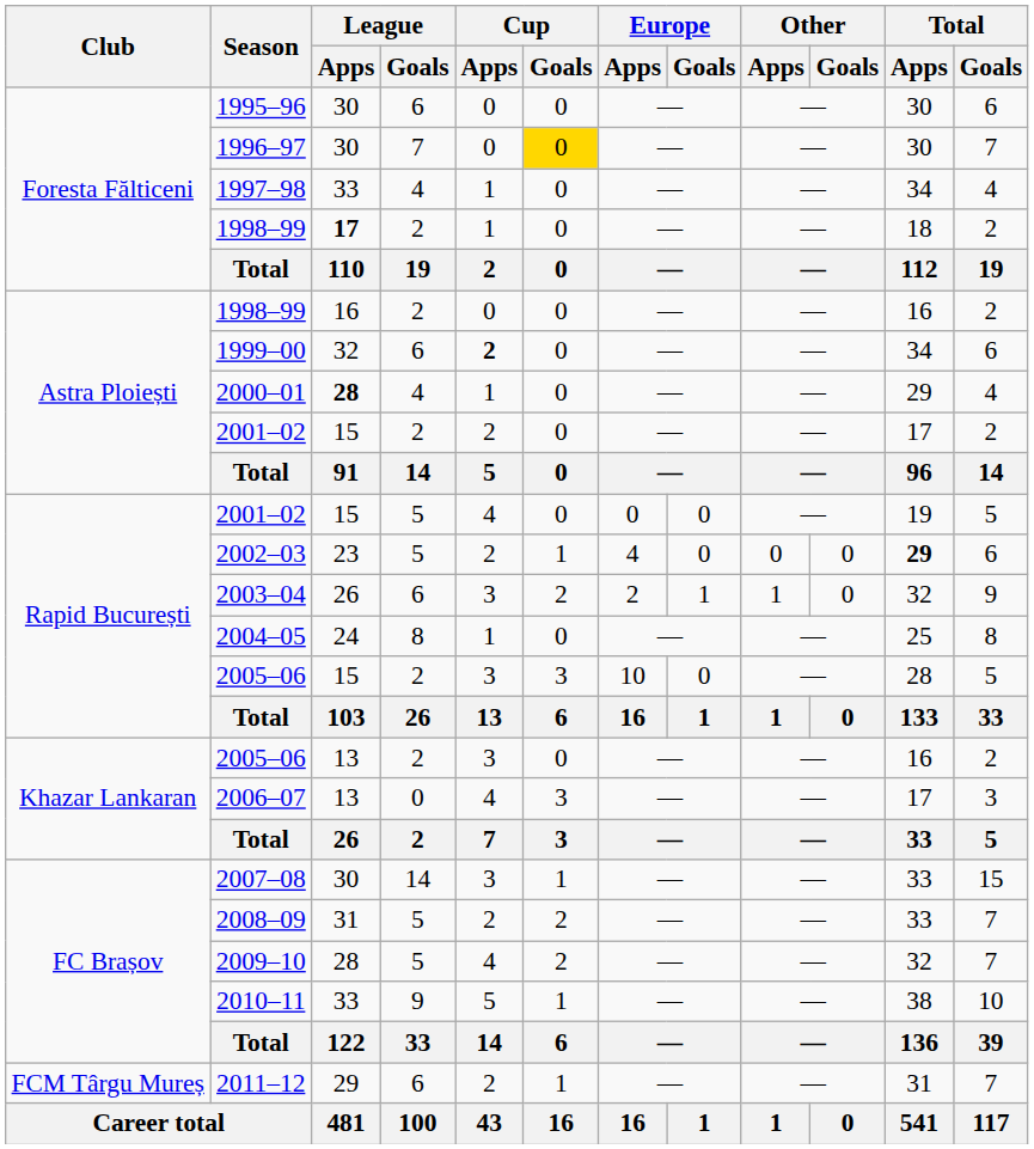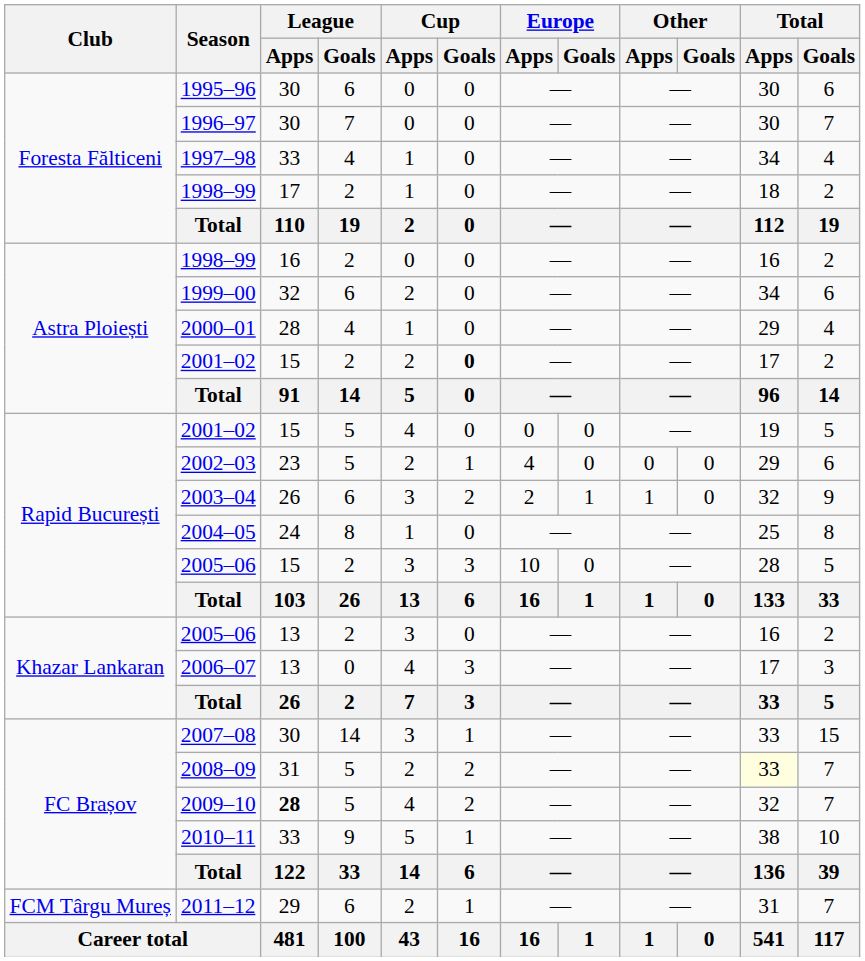 <table class="wikitable" style="text-align: center;">
 <tr>
 <th rowspan="2">Club</th>
 <th rowspan="2">Season</th>
 <th colspan="2">League</th>
 <th colspan="2">Cup</th>
 <th colspan="2"><a href='#'>Europe</a></th>
 <th colspan="2">Other</th>
 <th colspan="2">Total</th>
 </tr>
 <tr>
 <th>Apps</th>
 <th>Goals</th>
 <th>Apps</th>
 <th>Goals</th>
 <th>Apps</th>
 <th>Goals</th>
 <th>Apps</th>
 <th>Goals</th>
 <th>Apps</th>
 <th>Goals</th>
 </tr>
 <tr>
 <td rowspan="5"><a href='#'>Foresta Fălticeni</a></td>
 <td><a href='#'>1995–96</a></td>
 <td>30</td>
 <td>6</td>
 <td>0</td>
 <td>0</td>
 <td colspan="2">—</td>
 <td colspan="2">—</td>
 <td>30</td>
 <td>6</td>
 </tr>
 <tr>
 <td><a href='#'>1996–97</a></td>
 <td>30</td>
 <td>7</td>
 <td>0</td>
-<td style="background: gold;">0</td>
+<td>0</td>
 <td colspan="2">—</td>
 <td colspan="2">—</td>
 <td>30</td>
 <td>7</td>
 </tr>
 <tr>
 <td><a href='#'>1997–98</a></td>
 <td>33</td>
 <td>4</td>
 <td>1</td>
 <td>0</td>
 <td colspan="2">—</td>
 <td colspan="2">—</td>
 <td>34</td>
 <td>4</td>
 </tr>
 <tr>
 <td><a href='#'>1998–99</a></td>
-<td><strong>17</strong></td>
+<td>17</td>
 <td>2</td>
 <td>1</td>
 <td>0</td>
 <td colspan="2">—</td>
 <td colspan="2">—</td>
 <td>18</td>
 <td>2</td>
 </tr>
 <tr>
 <th>Total</th>
 <th>110</th>
 <th>19</th>
 <th>2</th>
 <th>0</th>
 <th colspan="2">—</th>
 <th colspan="2">—</th>
 <th>112</th>
 <th>19</th>
 </tr>
 <tr>
 <td rowspan="5"><a href='#'>Astra Ploiești</a></td>
 <td><a href='#'>1998–99</a></td>
 <td>16</td>
 <td>2</td>
 <td>0</td>
 <td>0</td>
 <td colspan="2">—</td>
 <td colspan="2">—</td>
 <td>16</td>
 <td>2</td>
 </tr>
 <tr>
 <td><a href='#'>1999–00</a></td>
 <td>32</td>
 <td>6</td>
-<td><strong>2</strong></td>
+<td>2</td>
 <td>0</td>
 <td colspan="2">—</td>
 <td colspan="2">—</td>
 <td>34</td>
 <td>6</td>
 </tr>
 <tr>
 <td><a href='#'>2000–01</a></td>
-<td><strong>28</strong></td>
+<td>28</td>
 <td>4</td>
 <td>1</td>
 <td>0</td>
 <td colspan="2">—</td>
 <td colspan="2">—</td>
 <td>29</td>
 <td>4</td>
 </tr>
 <tr>
 <td><a href='#'>2001–02</a></td>
 <td>15</td>
 <td>2</td>
 <td>2</td>
-<td>0</td>
+<td><strong>0</strong></td>
 <td colspan="2">—</td>
 <td colspan="2">—</td>
 <td>17</td>
 <td>2</td>
 </tr>
 <tr>
 <th>Total</th>
 <th>91</th>
 <th>14</th>
 <th>5</th>
 <th>0</th>
 <th colspan="2">—</th>
 <th colspan="2">—</th>
 <th>96</th>
 <th>14</th>
 </tr>
 <tr>
 <td rowspan="6"><a href='#'>Rapid București</a></td>
 <td><a href='#'>2001–02</a></td>
 <td>15</td>
 <td>5</td>
 <td>4</td>
 <td>0</td>
 <td>0</td>
 <td>0</td>
 <td colspan="2">—</td>
 <td>19</td>
 <td>5</td>
 </tr>
 <tr>
 <td><a href='#'>2002–03</a></td>
 <td>23</td>
 <td>5</td>
 <td>2</td>
 <td>1</td>
 <td>4</td>
 <td>0</td>
 <td>0</td>
 <td>0</td>
-<td><strong>29</strong></td>
+<td>29</td>
 <td>6</td>
 </tr>
 <tr>
 <td><a href='#'>2003–04</a></td>
 <td>26</td>
 <td>6</td>
 <td>3</td>
 <td>2</td>
 <td>2</td>
 <td>1</td>
 <td>1</td>
 <td>0</td>
 <td>32</td>
 <td>9</td>
 </tr>
 <tr>
 <td><a href='#'>2004–05</a></td>
 <td>24</td>
 <td>8</td>
 <td>1</td>
 <td>0</td>
 <td colspan="2">—</td>
 <td colspan="2">—</td>
 <td>25</td>
 <td>8</td>
 </tr>
 <tr>
 <td><a href='#'>2005–06</a></td>
 <td>15</td>
 <td>2</td>
 <td>3</td>
 <td>3</td>
 <td>10</td>
 <td>0</td>
 <td colspan="2">—</td>
 <td>28</td>
 <td>5</td>
 </tr>
 <tr>
 <th>Total</th>
 <th>103</th>
 <th>26</th>
 <th>13</th>
 <th>6</th>
 <th>16</th>
 <th>1</th>
 <th>1</th>
 <th>0</th>
 <th>133</th>
 <th>33</th>
 </tr>
 <tr>
 <td rowspan="3"><a href='#'>Khazar Lankaran</a></td>
 <td><a href='#'>2005–06</a></td>
 <td>13</td>
 <td>2</td>
 <td>3</td>
 <td>0</td>
 <td colspan="2">—</td>
 <td colspan="2">—</td>
 <td>16</td>
 <td>2</td>
 </tr>
 <tr>
 <td><a href='#'>2006–07</a></td>
 <td>13</td>
 <td>0</td>
 <td>4</td>
 <td>3</td>
 <td colspan="2">—</td>
 <td colspan="2">—</td>
 <td>17</td>
 <td>3</td>
 </tr>
 <tr>
 <th>Total</th>
 <th>26</th>
 <th>2</th>
 <th>7</th>
 <th>3</th>
 <th colspan="2">—</th>
 <th colspan="2">—</th>
 <th>33</th>
 <th>5</th>
 </tr>
 <tr>
 <td rowspan="5"><a href='#'>FC Brașov</a></td>
 <td><a href='#'>2007–08</a></td>
 <td>30</td>
 <td>14</td>
 <td>3</td>
 <td>1</td>
 <td colspan="2">—</td>
 <td colspan="2">—</td>
 <td>33</td>
 <td>15</td>
 </tr>
 <tr>
 <td><a href='#'>2008–09</a></td>
 <td>31</td>
 <td>5</td>
 <td>2</td>
 <td>2</td>
 <td colspan="2">—</td>
 <td colspan="2">—</td>
-<td>33</td>
+<td style="background: lightyellow;">33</td>
 <td>7</td>
 </tr>
 <tr>
 <td><a href='#'>2009–10</a></td>
-<td>28</td>
+<td><strong>28</strong></td>
 <td>5</td>
 <td>4</td>
 <td>2</td>
 <td colspan="2">—</td>
 <td colspan="2">—</td>
 <td>32</td>
 <td>7</td>
 </tr>
 <tr>
 <td><a href='#'>2010–11</a></td>
 <td>33</td>
 <td>9</td>
 <td>5</td>
 <td>1</td>
 <td colspan="2">—</td>
 <td colspan="2">—</td>
 <td>38</td>
 <td>10</td>
 </tr>
 <tr>
 <th>Total</th>
 <th>122</th>
 <th>33</th>
 <th>14</th>
 <th>6</th>
 <th colspan="2">—</th>
 <th colspan="2">—</th>
 <th>136</th>
 <th>39</th>
 </tr>
 <tr>
 <td><a href='#'>FCM Târgu Mureș</a></td>
 <td><a href='#'>2011–12</a></td>
 <td>29</td>
 <td>6</td>
 <td>2</td>
 <td>1</td>
 <td colspan="2">—</td>
 <td colspan="2">—</td>
 <td>31</td>
 <td>7</td>
 </tr>
 <tr>
 <th colspan="2">Career total</th>
 <th>481</th>
 <th>100</th>
 <th>43</th>
 <th>16</th>
 <th>16</th>
 <th>1</th>
 <th>1</th>
 <th>0</th>
 <th>541</th>
 <th>117</th>
 </tr>
 </table>
